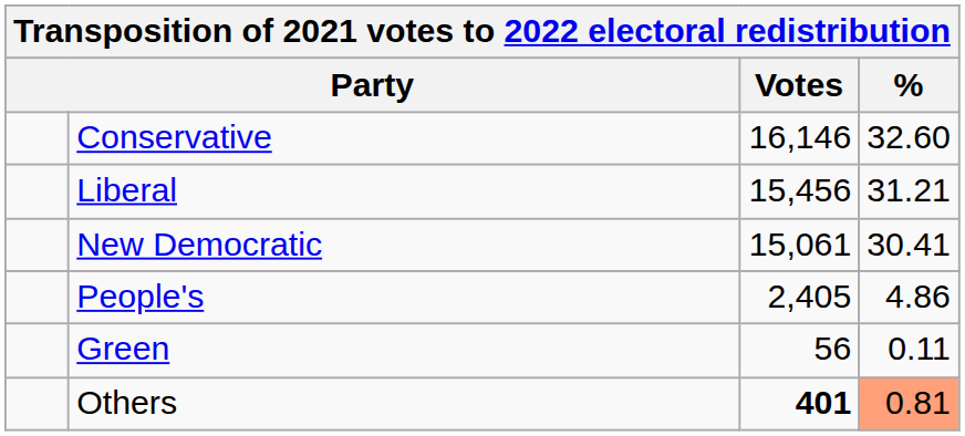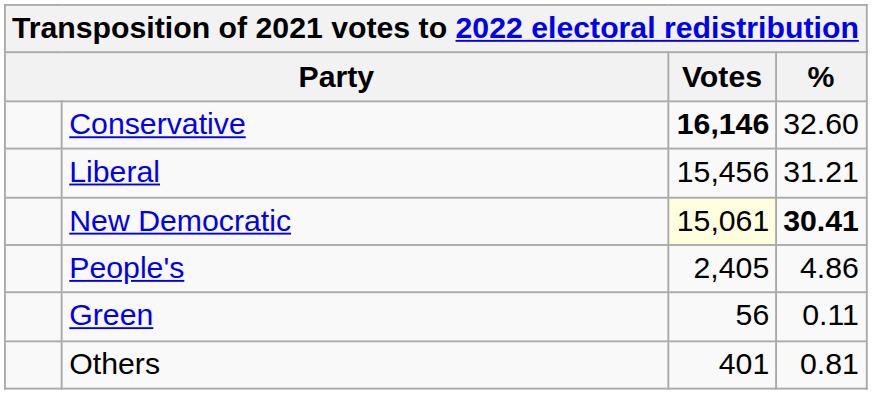 <table class="wikitable">
 <tr>
 <th colspan="4">Transposition of 2021 votes to <a href='#'>2022 electoral redistribution</a></th>
 </tr>
 <tr>
 <th bgcolor="#DDDDFF" width="130px" colspan="2">Party</th>
 <th bgcolor="#DDDDFF" width="50px">Votes</th>
 <th bgcolor="#DDDDFF" width="30px">%</th>
 </tr>
 <tr>
 <td> </td>
 <td><a href='#'>Conservative</a></td>
-<td align=right>16,146</td>
+<td align=right><strong>16,146</strong></td>
 <td align=right>32.60</td>
 </tr>
 <tr>
 <td> </td>
 <td><a href='#'>Liberal</a></td>
 <td align=right>15,456</td>
 <td align=right>31.21</td>
 </tr>
 <tr>
 <td> </td>
 <td><a href='#'>New Democratic</a></td>
-<td align=right>15,061</td>
-<td align=right>30.41</td>
+<td align=right style="background: lightyellow;">15,061</td>
+<td align=right><strong>30.41</strong></td>
 </tr>
 <tr>
 <td> </td>
 <td><a href='#'>People's</a></td>
 <td align=right>2,405</td>
 <td align=right>4.86</td>
 </tr>
 <tr>
 <td> </td>
 <td><a href='#'>Green</a></td>
 <td align=right>56</td>
 <td align=right>0.11</td>
 </tr>
 <tr>
 <td> </td>
 <td>Others</td>
-<td align=right><strong>401</strong></td>
-<td align=right style="background: lightsalmon;">0.81</td>
+<td align=right>401</td>
+<td align=right>0.81</td>
 </tr>
 </table>
